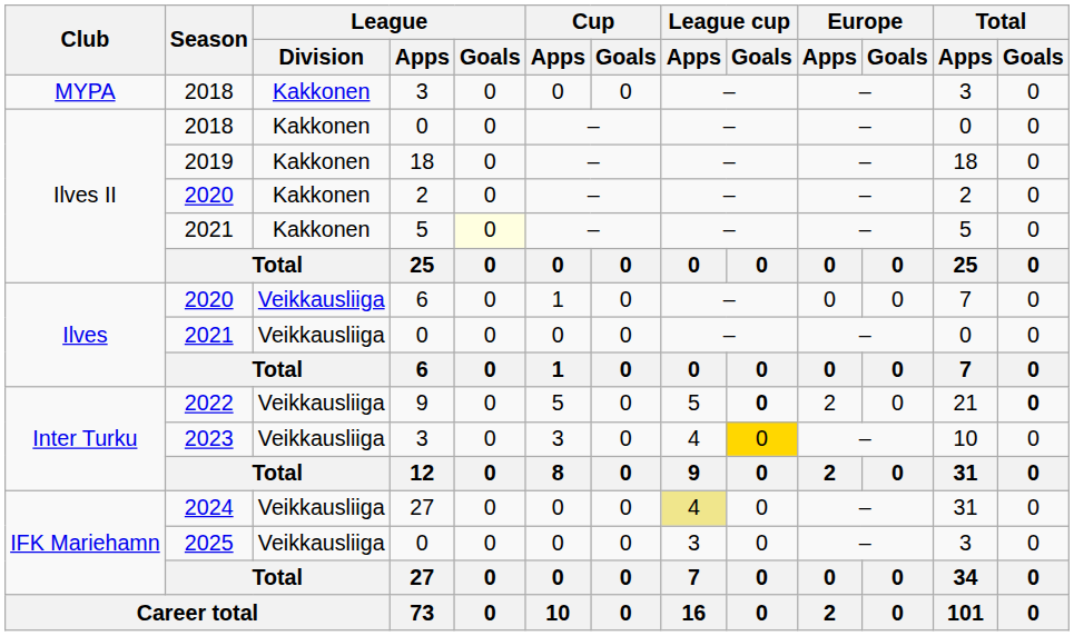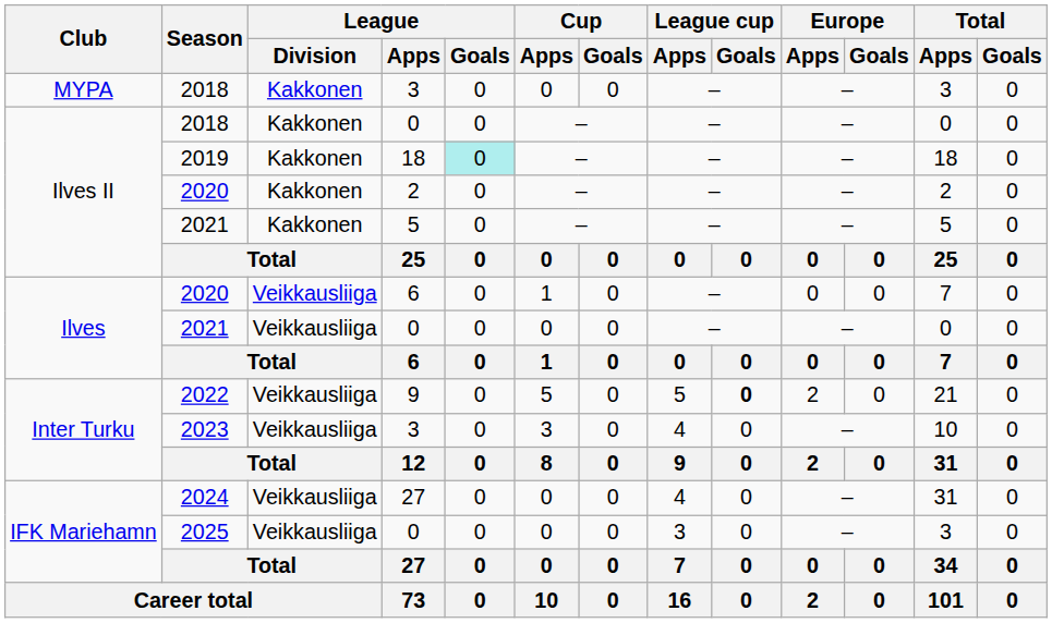 <table class="wikitable" style="text-align: center">
 <tr>
 <th rowspan="2">Club</th>
 <th rowspan="2">Season</th>
 <th colspan="3">League</th>
 <th colspan="2">Cup</th>
 <th colspan="2">League cup</th>
 <th colspan="2">Europe</th>
 <th colspan="2">Total</th>
 </tr>
 <tr>
 <th>Division</th>
 <th>Apps</th>
 <th>Goals</th>
 <th>Apps</th>
 <th>Goals</th>
 <th>Apps</th>
 <th>Goals</th>
 <th>Apps</th>
 <th>Goals</th>
 <th>Apps</th>
 <th>Goals</th>
 </tr>
 <tr>
 <td><a href='#'>MYPA</a></td>
 <td>2018</td>
 <td><a href='#'>Kakkonen</a></td>
 <td>3</td>
 <td>0</td>
 <td>0</td>
 <td>0</td>
 <td colspan="2">–</td>
 <td colspan=2>–</td>
 <td>3</td>
 <td>0</td>
 </tr>
 <tr>
 <td rowspan="5">Ilves II</td>
 <td>2018</td>
 <td>Kakkonen</td>
 <td>0</td>
 <td>0</td>
 <td colspan="2">–</td>
 <td colspan="2">–</td>
 <td colspan=2>–</td>
 <td>0</td>
 <td>0</td>
 </tr>
 <tr>
 <td>2019</td>
 <td>Kakkonen</td>
 <td>18</td>
-<td>0</td>
+<td style="background: paleturquoise;">0</td>
 <td colspan="2">–</td>
 <td colspan="2">–</td>
 <td colspan=2>–</td>
 <td>18</td>
 <td>0</td>
 </tr>
 <tr>
 <td><a href='#'>2020</a></td>
 <td>Kakkonen</td>
 <td>2</td>
 <td>0</td>
 <td colspan="2">–</td>
 <td colspan="2">–</td>
 <td colspan=2>–</td>
 <td>2</td>
 <td>0</td>
 </tr>
 <tr>
 <td>2021</td>
 <td>Kakkonen</td>
 <td>5</td>
-<td style="background: lightyellow;">0</td>
+<td>0</td>
 <td colspan="2">–</td>
 <td colspan="2">–</td>
 <td colspan="2">–</td>
 <td>5</td>
 <td>0</td>
 </tr>
 <tr>
 <th colspan=2>Total</th>
 <th>25</th>
 <th>0</th>
 <th>0</th>
 <th>0</th>
 <th>0</th>
 <th>0</th>
 <th>0</th>
 <th>0</th>
 <th>25</th>
 <th>0</th>
 </tr>
 <tr>
 <td rowspan=3><a href='#'>Ilves</a></td>
 <td><a href='#'>2020</a></td>
 <td><a href='#'>Veikkausliiga</a></td>
 <td>6</td>
 <td>0</td>
 <td>1</td>
 <td>0</td>
 <td colspan=2>–</td>
 <td>0</td>
 <td>0</td>
 <td>7</td>
 <td>0</td>
 </tr>
 <tr>
 <td><a href='#'>2021</a></td>
 <td>Veikkausliiga</td>
 <td>0</td>
 <td>0</td>
 <td>0</td>
 <td>0</td>
 <td colspan=2>–</td>
 <td colspan=2>–</td>
 <td>0</td>
 <td>0</td>
 </tr>
 <tr>
 <th colspan=2>Total</th>
 <th>6</th>
 <th>0</th>
 <th>1</th>
 <th>0</th>
 <th>0</th>
 <th>0</th>
 <th>0</th>
 <th>0</th>
 <th>7</th>
 <th>0</th>
 </tr>
 <tr>
 <td rowspan=3><a href='#'>Inter Turku</a></td>
 <td><a href='#'>2022</a></td>
 <td>Veikkausliiga</td>
 <td>9</td>
 <td>0</td>
 <td>5</td>
 <td>0</td>
 <td>5</td>
 <td><strong>0</strong></td>
 <td>2</td>
 <td>0</td>
 <td>21</td>
-<td><strong>0</strong></td>
+<td>0</td>
 </tr>
 <tr>
 <td><a href='#'>2023</a></td>
 <td>Veikkausliiga</td>
 <td>3</td>
 <td>0</td>
 <td>3</td>
 <td>0</td>
 <td>4</td>
-<td style="background: gold;">0</td>
+<td>0</td>
 <td colspan=2>–</td>
 <td>10</td>
 <td>0</td>
 </tr>
 <tr>
 <th colspan=2>Total</th>
 <th>12</th>
 <th>0</th>
 <th>8</th>
 <th>0</th>
 <th>9</th>
 <th>0</th>
 <th>2</th>
 <th>0</th>
 <th>31</th>
 <th>0</th>
 </tr>
 <tr>
 <td rowspan=3><a href='#'>IFK Mariehamn</a></td>
 <td><a href='#'>2024</a></td>
 <td>Veikkausliiga</td>
 <td>27</td>
 <td>0</td>
 <td>0</td>
 <td>0</td>
-<td style="background: khaki;">4</td>
+<td>4</td>
 <td>0</td>
 <td colspan=2>–</td>
 <td>31</td>
 <td>0</td>
 </tr>
 <tr>
 <td><a href='#'>2025</a></td>
 <td>Veikkausliiga</td>
 <td>0</td>
 <td>0</td>
 <td>0</td>
 <td>0</td>
 <td>3</td>
 <td>0</td>
 <td colspan=2>–</td>
 <td>3</td>
 <td>0</td>
 </tr>
 <tr>
 <th colspan=2>Total</th>
 <th>27</th>
 <th>0</th>
 <th>0</th>
 <th>0</th>
 <th>7</th>
 <th>0</th>
 <th>0</th>
 <th>0</th>
 <th>34</th>
 <th>0</th>
 </tr>
 <tr>
 <th colspan=3>Career total</th>
 <th>73</th>
 <th>0</th>
 <th>10</th>
 <th>0</th>
 <th>16</th>
 <th>0</th>
 <th>2</th>
 <th>0</th>
 <th>101</th>
 <th>0</th>
 </tr>
 </table>
